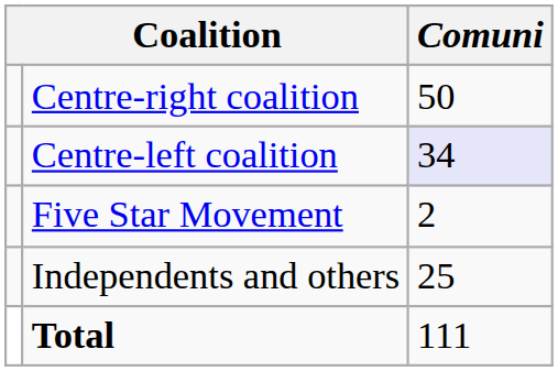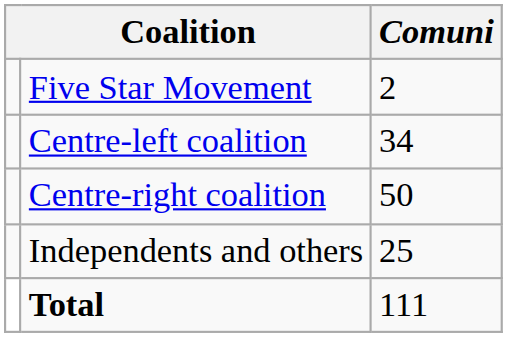 <table class="wikitable">
 <tr>
 <th colspan=2>Coalition</th>
 <th><em>Comuni</em></th>
 </tr>
 <tr>
 <td></td>
-<td><a href='#'>Centre-right coalition</a></td>
-<td>50</td>
+<td><a href='#'>Five Star Movement</a></td>
+<td>2</td>
 </tr>
 <tr>
 <td></td>
 <td><a href='#'>Centre-left coalition</a></td>
-<td style="background: lavender;">34</td>
+<td>34</td>
 </tr>
 <tr>
 <td></td>
-<td><a href='#'>Five Star Movement</a></td>
-<td>2</td>
+<td><a href='#'>Centre-right coalition</a></td>
+<td>50</td>
 </tr>
 <tr>
 <td></td>
 <td>Independents and others</td>
 <td>25</td>
 </tr>
 <tr>
 <td bgcolor="white"></td>
 <td><strong>Total</strong></td>
 <td>111</td>
 </tr>
 </table>
